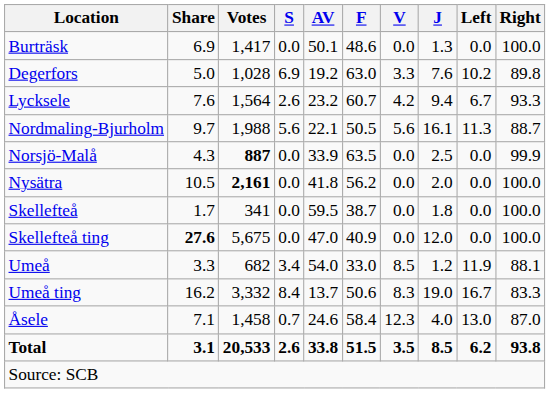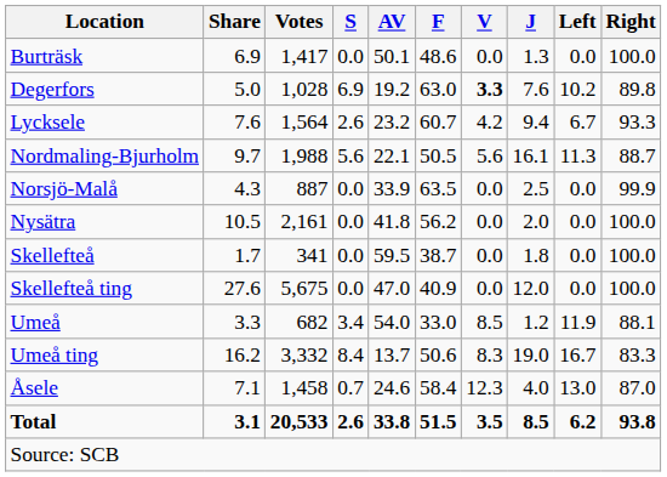 <table class="wikitable sortable" style=text-align:right>
 <tr>
 <th>Location</th>
 <th>Share</th>
 <th>Votes</th>
 <th><a href='#'>S</a></th>
 <th><a href='#'>AV</a></th>
 <th><a href='#'>F</a></th>
 <th><a href='#'>V</a></th>
 <th><a href='#'>J</a></th>
 <th>Left</th>
 <th>Right</th>
 </tr>
 <tr>
 <td align=left><a href='#'>Burträsk</a></td>
 <td>6.9</td>
 <td>1,417</td>
 <td>0.0</td>
 <td>50.1</td>
 <td>48.6</td>
 <td>0.0</td>
 <td>1.3</td>
 <td>0.0</td>
 <td>100.0</td>
 </tr>
 <tr>
 <td align=left><a href='#'>Degerfors</a></td>
 <td>5.0</td>
 <td>1,028</td>
 <td>6.9</td>
 <td>19.2</td>
 <td>63.0</td>
-<td>3.3</td>
+<td><strong>3.3</strong></td>
 <td>7.6</td>
 <td>10.2</td>
 <td>89.8</td>
 </tr>
 <tr>
 <td align=left><a href='#'>Lycksele</a></td>
 <td>7.6</td>
 <td>1,564</td>
 <td>2.6</td>
 <td>23.2</td>
 <td>60.7</td>
 <td>4.2</td>
 <td>9.4</td>
 <td>6.7</td>
 <td>93.3</td>
 </tr>
 <tr>
 <td align=left><a href='#'>Nordmaling-Bjurholm</a></td>
 <td>9.7</td>
 <td>1,988</td>
 <td>5.6</td>
 <td>22.1</td>
 <td>50.5</td>
 <td>5.6</td>
 <td>16.1</td>
 <td>11.3</td>
 <td>88.7</td>
 </tr>
 <tr>
 <td align=left><a href='#'>Norsjö-Malå</a></td>
 <td>4.3</td>
-<td><strong>887</strong></td>
+<td>887</td>
 <td>0.0</td>
 <td>33.9</td>
 <td>63.5</td>
 <td>0.0</td>
 <td>2.5</td>
 <td>0.0</td>
 <td>99.9</td>
 </tr>
 <tr>
 <td align=left><a href='#'>Nysätra</a></td>
 <td>10.5</td>
-<td><strong>2,161</strong></td>
+<td>2,161</td>
 <td>0.0</td>
 <td>41.8</td>
 <td>56.2</td>
 <td>0.0</td>
 <td>2.0</td>
 <td>0.0</td>
 <td>100.0</td>
 </tr>
 <tr>
 <td align=left><a href='#'>Skellefteå</a></td>
 <td>1.7</td>
 <td>341</td>
 <td>0.0</td>
 <td>59.5</td>
 <td>38.7</td>
 <td>0.0</td>
 <td>1.8</td>
 <td>0.0</td>
 <td>100.0</td>
 </tr>
 <tr>
 <td align=left><a href='#'>Skellefteå ting</a></td>
-<td><strong>27.6</strong></td>
+<td>27.6</td>
 <td>5,675</td>
 <td>0.0</td>
 <td>47.0</td>
 <td>40.9</td>
 <td>0.0</td>
 <td>12.0</td>
 <td>0.0</td>
 <td>100.0</td>
 </tr>
 <tr>
 <td align=left><a href='#'>Umeå</a></td>
 <td>3.3</td>
 <td>682</td>
 <td>3.4</td>
 <td>54.0</td>
 <td>33.0</td>
 <td>8.5</td>
 <td>1.2</td>
 <td>11.9</td>
 <td>88.1</td>
 </tr>
 <tr>
 <td align=left><a href='#'>Umeå ting</a></td>
 <td>16.2</td>
 <td>3,332</td>
 <td>8.4</td>
 <td>13.7</td>
 <td>50.6</td>
 <td>8.3</td>
 <td>19.0</td>
 <td>16.7</td>
 <td>83.3</td>
 </tr>
 <tr>
 <td align=left><a href='#'>Åsele</a></td>
 <td>7.1</td>
 <td>1,458</td>
 <td>0.7</td>
 <td>24.6</td>
 <td>58.4</td>
 <td>12.3</td>
 <td>4.0</td>
 <td>13.0</td>
 <td>87.0</td>
 </tr>
 <tr>
 <td align=left><strong>Total</strong></td>
 <td><strong>3.1</strong></td>
 <td><strong>20,533</strong></td>
 <td><strong>2.6</strong></td>
 <td><strong>33.8</strong></td>
 <td><strong>51.5</strong></td>
 <td><strong>3.5</strong></td>
 <td><strong>8.5</strong></td>
 <td><strong>6.2</strong></td>
 <td><strong>93.8</strong></td>
 </tr>
 <tr>
 <td align=left colspan=10>Source: SCB </td>
 </tr>
 </table>
